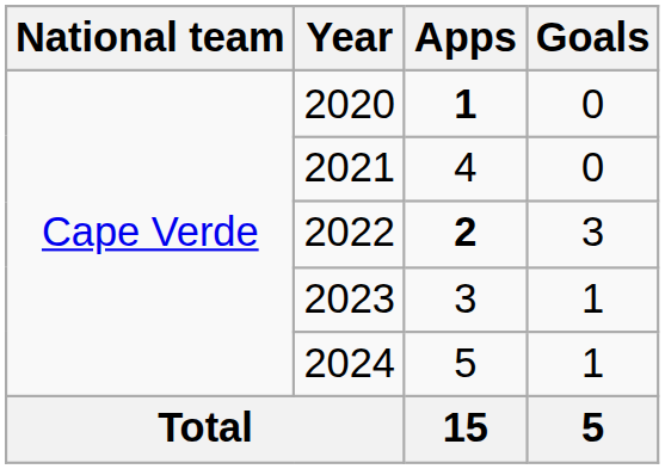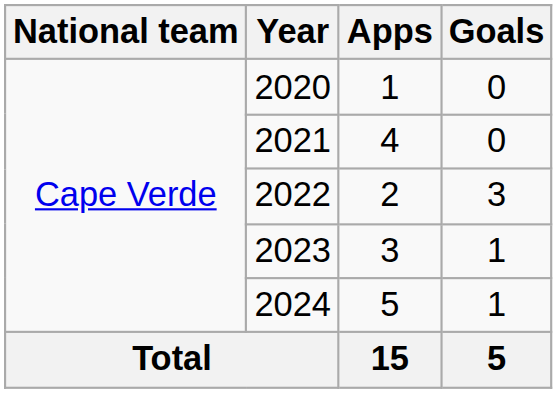 <table class=wikitable style=text-align:center>
 <tr>
 <th>National team</th>
 <th>Year</th>
 <th>Apps</th>
 <th>Goals</th>
 </tr>
 <tr>
 <td rowspan="5"><a href='#'>Cape Verde</a></td>
 <td>2020</td>
-<td><strong>1</strong></td>
+<td>1</td>
 <td>0</td>
 </tr>
 <tr>
 <td>2021</td>
 <td>4</td>
 <td>0</td>
 </tr>
 <tr>
 <td>2022</td>
-<td><strong>2</strong></td>
+<td>2</td>
 <td>3</td>
 </tr>
 <tr>
 <td>2023</td>
 <td>3</td>
 <td>1</td>
 </tr>
 <tr>
 <td>2024</td>
 <td>5</td>
 <td>1</td>
 </tr>
 <tr>
 <th colspan="2">Total</th>
 <th>15</th>
 <th>5</th>
 </tr>
 </table>
